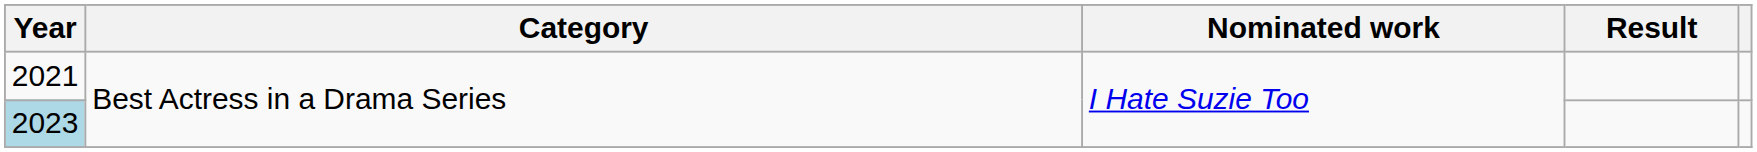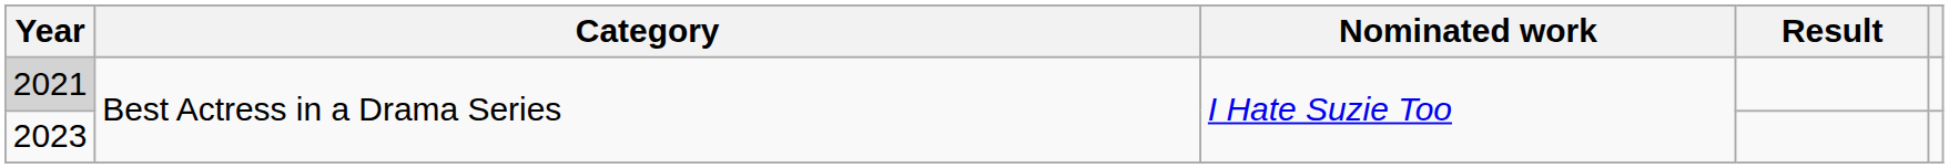 <table class="wikitable" width="74%">
 <tr>
 <th width="4%">Year</th>
 <th width="58%">Category</th>
 <th width="28%">Nominated work</th>
 <th width="10%">Result</th>
 <th width="5%"></th>
 </tr>
 <tr>
-<td>2021</td>
+<td style="background: lightgrey;">2021</td>
 <td rowspan = "2">Best Actress in a Drama Series</td>
 <td rowspan = "2"><em><a href='#'>I Hate Suzie Too</a></em></td>
 <td></td>
 <td></td>
 </tr>
 <tr>
-<td style="background: lightblue;">2023</td>
+<td>2023</td>
 <td></td>
 <td></td>
 </tr>
 </table>
